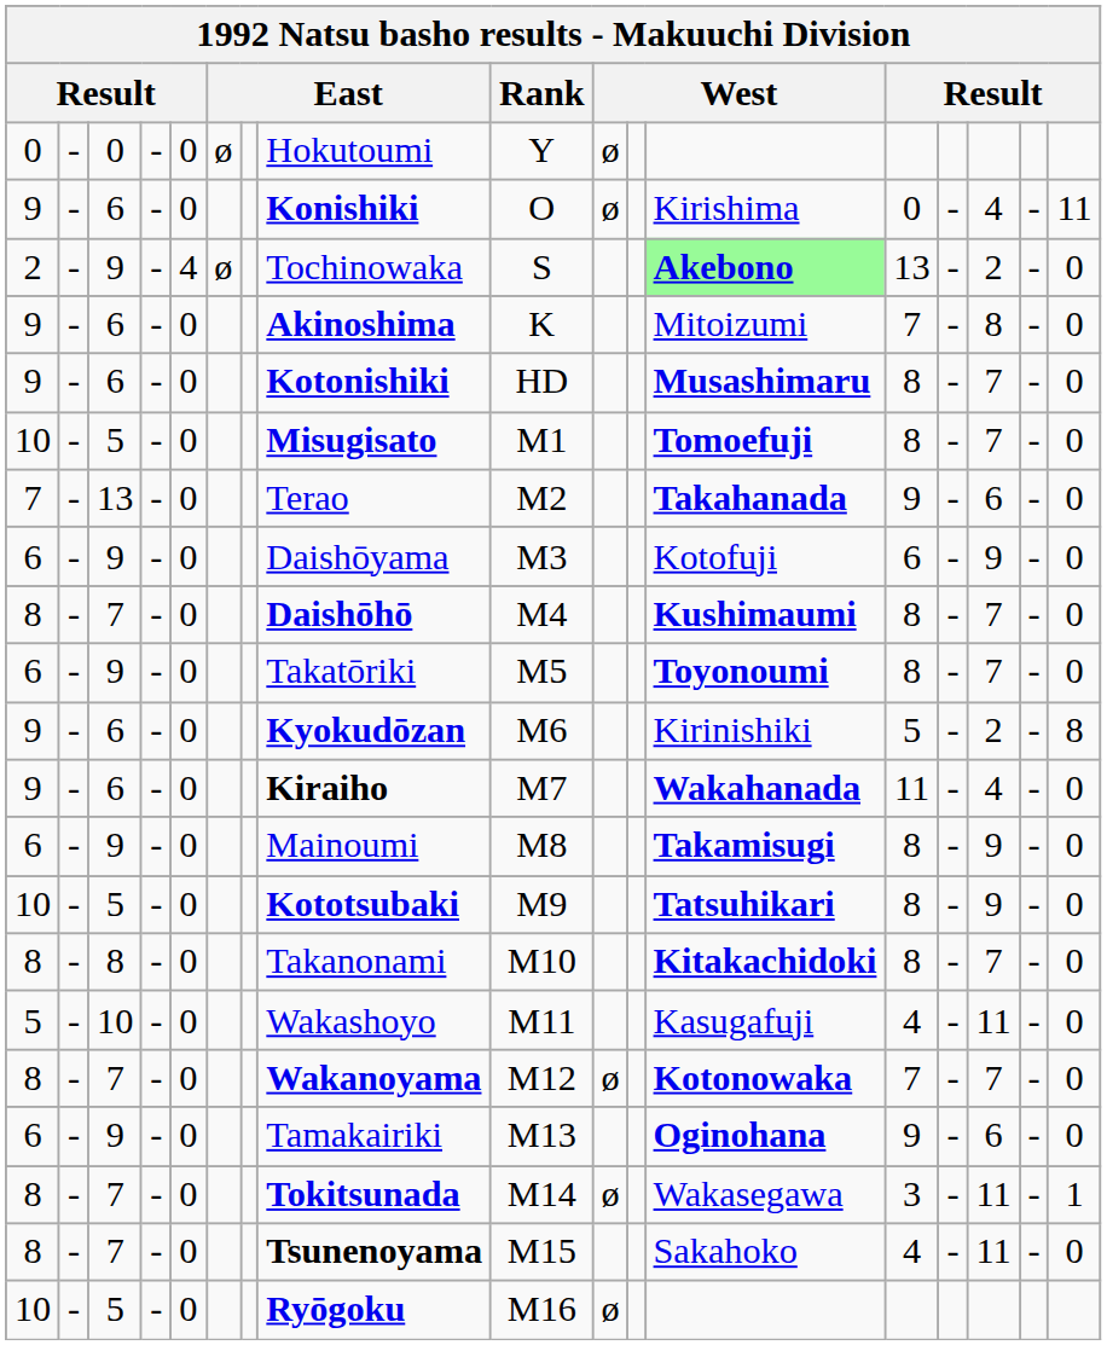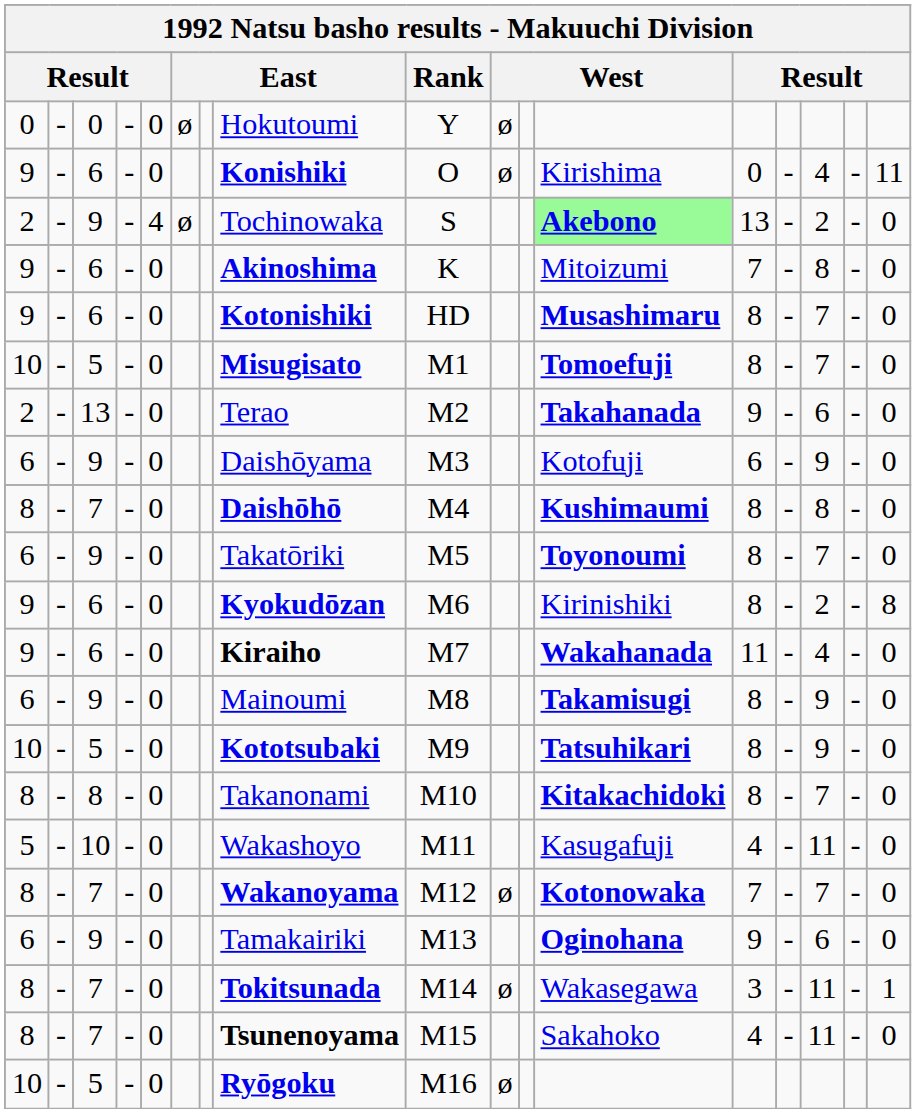 <table class="wikitable">
 <tr>
 <th colspan="17">1992 Natsu basho results - Makuuchi Division</th>
 </tr>
 <tr>
 <th colspan="5">Result</th>
 <th colspan="3">East</th>
 <th>Rank</th>
 <th colspan="3">West</th>
 <th colspan="5">Result</th>
 </tr>
 <tr>
 <td align=center>0</td>
 <td align=center>-</td>
 <td align=center>0</td>
 <td align=center>-</td>
 <td align=center>0</td>
 <td align=center>ø</td>
 <td align=center></td>
 <td><a href='#'>Hokutoumi</a></td>
 <td align=center>Y</td>
 <td align=center>ø</td>
 <td align=center></td>
 <td></td>
 <td align=center></td>
 <td align=center></td>
 <td align=center></td>
 <td align=center></td>
 <td align=center></td>
 </tr>
 <tr>
 <td align=center>9</td>
 <td align=center>-</td>
 <td align=center>6</td>
 <td align=center>-</td>
 <td align=center>0</td>
 <td align=center></td>
 <td align=center></td>
 <td><strong><a href='#'>Konishiki</a></strong></td>
 <td align=center>O</td>
 <td align=center>ø</td>
 <td align=center></td>
 <td><a href='#'>Kirishima</a></td>
 <td align=center>0</td>
 <td align=center>-</td>
 <td align=center>4</td>
 <td align=center>-</td>
 <td align=center>11</td>
 </tr>
 <tr>
 <td align=center>2</td>
 <td align=center>-</td>
 <td align=center>9</td>
 <td align=center>-</td>
 <td align=center>4</td>
 <td align=center>ø</td>
 <td align=center></td>
 <td><a href='#'>Tochinowaka</a></td>
 <td align=center>S</td>
 <td align=center></td>
 <td align=center></td>
 <td style="background: PaleGreen;"><strong><a href='#'>Akebono</a></strong></td>
 <td align=center>13</td>
 <td align=center>-</td>
 <td align=center>2</td>
 <td align=center>-</td>
 <td align=center>0</td>
 </tr>
 <tr>
 <td align=center>9</td>
 <td align=center>-</td>
 <td align=center>6</td>
 <td align=center>-</td>
 <td align=center>0</td>
 <td align=center></td>
 <td align=center></td>
 <td><strong><a href='#'>Akinoshima</a></strong></td>
 <td align=center>K</td>
 <td align=center></td>
 <td align=center></td>
 <td><a href='#'>Mitoizumi</a></td>
 <td align=center>7</td>
 <td align=center>-</td>
 <td align=center>8</td>
 <td align=center>-</td>
 <td align=center>0</td>
 </tr>
 <tr>
 <td align=center>9</td>
 <td align=center>-</td>
 <td align=center>6</td>
 <td align=center>-</td>
 <td align=center>0</td>
 <td align=center></td>
 <td align=center></td>
 <td><strong><a href='#'>Kotonishiki</a></strong></td>
 <td align=center>HD</td>
 <td align=center></td>
 <td align=center></td>
 <td><strong><a href='#'>Musashimaru</a></strong></td>
 <td align=center>8</td>
 <td align=center>-</td>
 <td align=center>7</td>
 <td align=center>-</td>
 <td align=center>0</td>
 </tr>
 <tr>
 <td align=center>10</td>
 <td align=center>-</td>
 <td align=center>5</td>
 <td align=center>-</td>
 <td align=center>0</td>
 <td align=center></td>
 <td align=center></td>
 <td><strong><a href='#'>Misugisato</a></strong></td>
 <td align=center>M1</td>
 <td align=center></td>
 <td align=center></td>
 <td><strong><a href='#'>Tomoefuji</a></strong></td>
 <td align=center>8</td>
 <td align=center>-</td>
 <td align=center>7</td>
 <td align=center>-</td>
 <td align=center>0</td>
 </tr>
 <tr>
-<td align=center>7</td>
+<td align=center>2</td>
 <td align=center>-</td>
 <td align=center>13</td>
 <td align=center>-</td>
 <td align=center>0</td>
 <td align=center></td>
 <td align=center></td>
 <td><a href='#'>Terao</a></td>
 <td align=center>M2</td>
 <td align=center></td>
 <td align=center></td>
 <td><strong><a href='#'>Takahanada</a></strong></td>
 <td align=center>9</td>
 <td align=center>-</td>
 <td align=center>6</td>
 <td align=center>-</td>
 <td align=center>0</td>
 </tr>
 <tr>
 <td align=center>6</td>
 <td align=center>-</td>
 <td align=center>9</td>
 <td align=center>-</td>
 <td align=center>0</td>
 <td align=center></td>
 <td align=center></td>
 <td><a href='#'>Daishōyama</a></td>
 <td align=center>M3</td>
 <td align=center></td>
 <td align=center></td>
 <td><a href='#'>Kotofuji</a></td>
 <td align=center>6</td>
 <td align=center>-</td>
 <td align=center>9</td>
 <td align=center>-</td>
 <td align=center>0</td>
 </tr>
 <tr>
 <td align=center>8</td>
 <td align=center>-</td>
 <td align=center>7</td>
 <td align=center>-</td>
 <td align=center>0</td>
 <td align=center></td>
 <td align=center></td>
 <td><strong><a href='#'>Daishōhō</a></strong></td>
 <td align=center>M4</td>
 <td align=center></td>
 <td align=center></td>
 <td><strong><a href='#'>Kushimaumi</a></strong></td>
 <td align=center>8</td>
 <td align=center>-</td>
-<td align=center>7</td>
+<td align=center>8</td>
 <td align=center>-</td>
 <td align=center>0</td>
 </tr>
 <tr>
 <td align=center>6</td>
 <td align=center>-</td>
 <td align=center>9</td>
 <td align=center>-</td>
 <td align=center>0</td>
 <td align=center></td>
 <td align=center></td>
 <td><a href='#'>Takatōriki</a></td>
 <td align=center>M5</td>
 <td align=center></td>
 <td align=center></td>
 <td><strong><a href='#'>Toyonoumi</a></strong></td>
 <td align=center>8</td>
 <td align=center>-</td>
 <td align=center>7</td>
 <td align=center>-</td>
 <td align=center>0</td>
 </tr>
 <tr>
 <td align=center>9</td>
 <td align=center>-</td>
 <td align=center>6</td>
 <td align=center>-</td>
 <td align=center>0</td>
 <td align=center></td>
 <td align=center></td>
 <td><strong><a href='#'>Kyokudōzan</a></strong></td>
 <td align=center>M6</td>
 <td align=center></td>
 <td align=center></td>
 <td><a href='#'>Kirinishiki</a></td>
-<td align=center>5</td>
+<td align=center>8</td>
 <td align=center>-</td>
 <td align=center>2</td>
 <td align=center>-</td>
 <td align=center>8</td>
 </tr>
 <tr>
 <td align=center>9</td>
 <td align=center>-</td>
 <td align=center>6</td>
 <td align=center>-</td>
 <td align=center>0</td>
 <td align=center></td>
 <td align=center></td>
 <td><strong>Kiraiho</strong></td>
 <td align=center>M7</td>
 <td align=center></td>
 <td align=center></td>
 <td><strong><a href='#'>Wakahanada</a></strong></td>
 <td align=center>11</td>
 <td align=center>-</td>
 <td align=center>4</td>
 <td align=center>-</td>
 <td align=center>0</td>
 </tr>
 <tr>
 <td align=center>6</td>
 <td align=center>-</td>
 <td align=center>9</td>
 <td align=center>-</td>
 <td align=center>0</td>
 <td align=center></td>
 <td align=center></td>
 <td><a href='#'>Mainoumi</a></td>
 <td align=center>M8</td>
 <td align=center></td>
 <td align=center></td>
 <td><strong><a href='#'>Takamisugi</a></strong></td>
 <td align=center>8</td>
 <td align=center>-</td>
 <td align=center>9</td>
 <td align=center>-</td>
 <td align=center>0</td>
 </tr>
 <tr>
 <td align=center>10</td>
 <td align=center>-</td>
 <td align=center>5</td>
 <td align=center>-</td>
 <td align=center>0</td>
 <td align=center></td>
 <td align=center></td>
 <td><strong><a href='#'>Kototsubaki</a></strong></td>
 <td align=center>M9</td>
 <td align=center></td>
 <td align=center></td>
 <td><strong><a href='#'>Tatsuhikari</a></strong></td>
 <td align=center>8</td>
 <td align=center>-</td>
 <td align=center>9</td>
 <td align=center>-</td>
 <td align=center>0</td>
 </tr>
 <tr>
 <td align=center>8</td>
 <td align=center>-</td>
 <td align=center>8</td>
 <td align=center>-</td>
 <td align=center>0</td>
 <td align=center></td>
 <td align=center></td>
 <td><a href='#'>Takanonami</a></td>
 <td align=center>M10</td>
 <td align=center></td>
 <td align=center></td>
 <td><strong><a href='#'>Kitakachidoki</a></strong></td>
 <td align=center>8</td>
 <td align=center>-</td>
 <td align=center>7</td>
 <td align=center>-</td>
 <td align=center>0</td>
 </tr>
 <tr>
 <td align=center>5</td>
 <td align=center>-</td>
 <td align=center>10</td>
 <td align=center>-</td>
 <td align=center>0</td>
 <td align=center></td>
 <td align=center></td>
 <td><a href='#'>Wakashoyo</a></td>
 <td align=center>M11</td>
 <td align=center></td>
 <td align=center></td>
 <td><a href='#'>Kasugafuji</a></td>
 <td align=center>4</td>
 <td align=center>-</td>
 <td align=center>11</td>
 <td align=center>-</td>
 <td align=center>0</td>
 </tr>
 <tr>
 <td align=center>8</td>
 <td align=center>-</td>
 <td align=center>7</td>
 <td align=center>-</td>
 <td align=center>0</td>
 <td align=center></td>
 <td align=center></td>
 <td><strong><a href='#'>Wakanoyama</a></strong></td>
 <td align=center>M12</td>
 <td align=center>ø</td>
 <td align=center></td>
 <td><strong><a href='#'>Kotonowaka</a></strong></td>
 <td align=center>7</td>
 <td align=center>-</td>
 <td align=center>7</td>
 <td align=center>-</td>
 <td align=center>0</td>
 </tr>
 <tr>
 <td align=center>6</td>
 <td align=center>-</td>
 <td align=center>9</td>
 <td align=center>-</td>
 <td align=center>0</td>
 <td align=center></td>
 <td align=center></td>
 <td><a href='#'>Tamakairiki</a></td>
 <td align=center>M13</td>
 <td align=center></td>
 <td align=center></td>
 <td><strong><a href='#'>Oginohana</a></strong></td>
 <td align=center>9</td>
 <td align=center>-</td>
 <td align=center>6</td>
 <td align=center>-</td>
 <td align=center>0</td>
 </tr>
 <tr>
 <td align=center>8</td>
 <td align=center>-</td>
 <td align=center>7</td>
 <td align=center>-</td>
 <td align=center>0</td>
 <td align=center></td>
 <td align=center></td>
 <td><strong><a href='#'>Tokitsunada</a></strong></td>
 <td align=center>M14</td>
 <td align=center>ø</td>
 <td align=center></td>
 <td><a href='#'>Wakasegawa</a></td>
 <td align=center>3</td>
 <td align=center>-</td>
 <td align=center>11</td>
 <td align=center>-</td>
 <td align=center>1</td>
 </tr>
 <tr>
 <td align=center>8</td>
 <td align=center>-</td>
 <td align=center>7</td>
 <td align=center>-</td>
 <td align=center>0</td>
 <td align=center></td>
 <td align=center></td>
 <td><strong>Tsunenoyama</strong></td>
 <td align=center>M15</td>
 <td align=center></td>
 <td align=center></td>
 <td><a href='#'>Sakahoko</a></td>
 <td align=center>4</td>
 <td align=center>-</td>
 <td align=center>11</td>
 <td align=center>-</td>
 <td align=center>0</td>
 </tr>
 <tr>
 <td align=center>10</td>
 <td align=center>-</td>
 <td align=center>5</td>
 <td align=center>-</td>
 <td align=center>0</td>
 <td align=center></td>
 <td align=center></td>
 <td><strong><a href='#'>Ryōgoku</a></strong></td>
 <td align=center>M16</td>
 <td align=center>ø</td>
 <td align=center></td>
 <td></td>
 <td align=center></td>
 <td align=center></td>
 <td align=center></td>
 <td align=center></td>
 <td align=center></td>
 </tr>
 </table>
